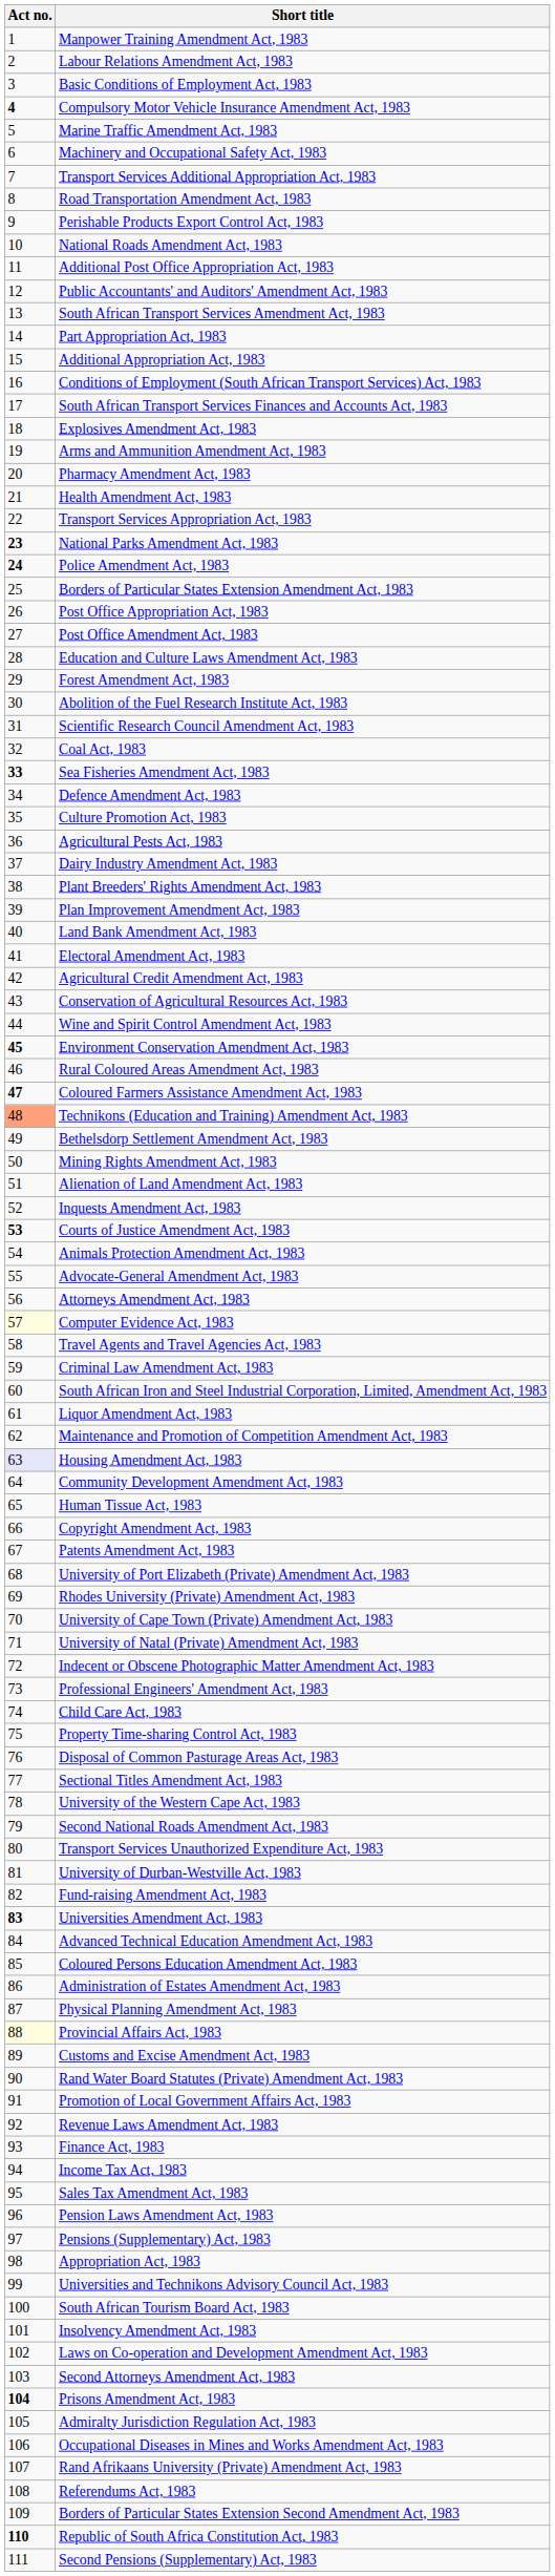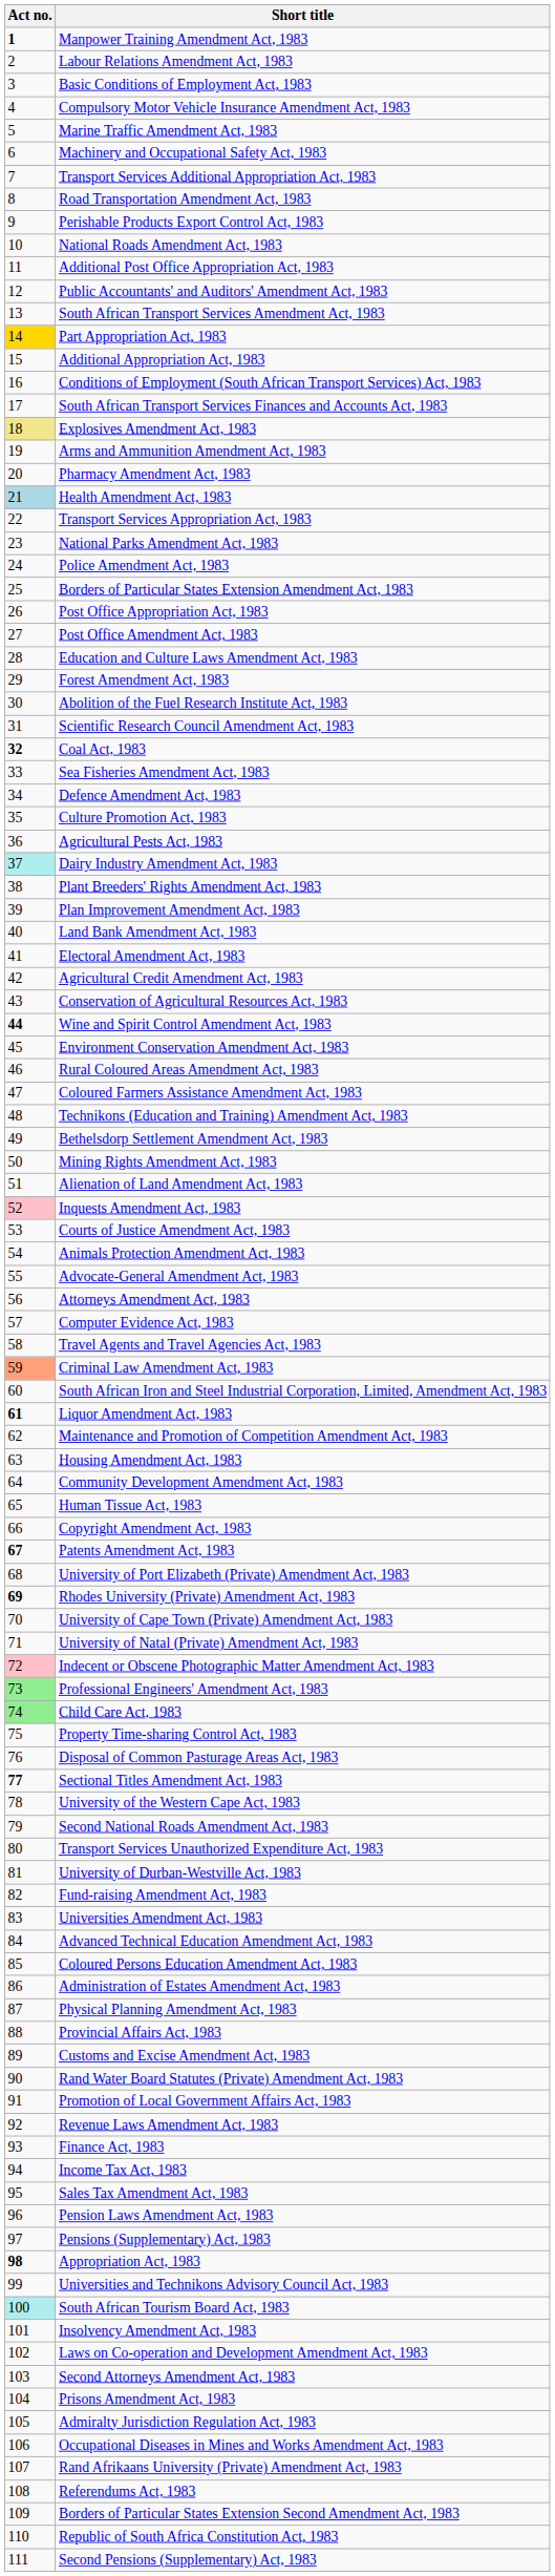 <table class="wikitable sortable">
 <tr>
 <th>Act no.</th>
 <th>Short title</th>
 </tr>
 <tr>
-<td>1</td>
+<td><strong>1</strong></td>
 <td><a href='#'>Manpower Training Amendment Act, 1983</a></td>
 </tr>
 <tr>
 <td>2</td>
 <td><a href='#'>Labour Relations Amendment Act, 1983</a></td>
 </tr>
 <tr>
 <td>3</td>
 <td><a href='#'>Basic Conditions of Employment Act, 1983</a></td>
 </tr>
 <tr>
-<td><strong>4</strong></td>
+<td>4</td>
 <td><a href='#'>Compulsory Motor Vehicle Insurance Amendment Act, 1983</a></td>
 </tr>
 <tr>
 <td>5</td>
 <td><a href='#'>Marine Traffic Amendment Act, 1983</a></td>
 </tr>
 <tr>
 <td>6</td>
 <td><a href='#'>Machinery and Occupational Safety Act, 1983</a></td>
 </tr>
 <tr>
 <td>7</td>
 <td><a href='#'>Transport Services Additional Appropriation Act, 1983</a></td>
 </tr>
 <tr>
 <td>8</td>
 <td><a href='#'>Road Transportation Amendment Act, 1983</a></td>
 </tr>
 <tr>
 <td>9</td>
 <td><a href='#'>Perishable Products Export Control Act, 1983</a></td>
 </tr>
 <tr>
 <td>10</td>
 <td><a href='#'>National Roads Amendment Act, 1983</a></td>
 </tr>
 <tr>
 <td>11</td>
 <td><a href='#'>Additional Post Office Appropriation Act, 1983</a></td>
 </tr>
 <tr>
 <td>12</td>
 <td><a href='#'>Public Accountants' and Auditors' Amendment Act, 1983</a></td>
 </tr>
 <tr>
 <td>13</td>
 <td><a href='#'>South African Transport Services Amendment Act, 1983</a></td>
 </tr>
 <tr>
-<td>14</td>
+<td style="background: gold;">14</td>
 <td><a href='#'>Part Appropriation Act, 1983</a></td>
 </tr>
 <tr>
 <td>15</td>
 <td><a href='#'>Additional Appropriation Act, 1983</a></td>
 </tr>
 <tr>
 <td>16</td>
 <td><a href='#'>Conditions of Employment (South African Transport Services) Act, 1983</a></td>
 </tr>
 <tr>
 <td>17</td>
 <td><a href='#'>South African Transport Services Finances and Accounts Act, 1983</a></td>
 </tr>
 <tr>
-<td>18</td>
+<td style="background: khaki;">18</td>
 <td><a href='#'>Explosives Amendment Act, 1983</a></td>
 </tr>
 <tr>
 <td>19</td>
 <td><a href='#'>Arms and Ammunition Amendment Act, 1983</a></td>
 </tr>
 <tr>
 <td>20</td>
 <td><a href='#'>Pharmacy Amendment Act, 1983</a></td>
 </tr>
 <tr>
-<td>21</td>
+<td style="background: lightblue;">21</td>
 <td><a href='#'>Health Amendment Act, 1983</a></td>
 </tr>
 <tr>
 <td>22</td>
 <td><a href='#'>Transport Services Appropriation Act, 1983</a></td>
 </tr>
 <tr>
-<td><strong>23</strong></td>
+<td>23</td>
 <td><a href='#'>National Parks Amendment Act, 1983</a></td>
 </tr>
 <tr>
-<td><strong>24</strong></td>
+<td>24</td>
 <td><a href='#'>Police Amendment Act, 1983</a></td>
 </tr>
 <tr>
 <td>25</td>
 <td><a href='#'>Borders of Particular States Extension Amendment Act, 1983</a></td>
 </tr>
 <tr>
 <td>26</td>
 <td><a href='#'>Post Office Appropriation Act, 1983</a></td>
 </tr>
 <tr>
 <td>27</td>
 <td><a href='#'>Post Office Amendment Act, 1983</a></td>
 </tr>
 <tr>
 <td>28</td>
 <td><a href='#'>Education and Culture Laws Amendment Act, 1983</a></td>
 </tr>
 <tr>
 <td>29</td>
 <td><a href='#'>Forest Amendment Act, 1983</a></td>
 </tr>
 <tr>
 <td>30</td>
 <td><a href='#'>Abolition of the Fuel Research Institute Act, 1983</a></td>
 </tr>
 <tr>
 <td>31</td>
 <td><a href='#'>Scientific Research Council Amendment Act, 1983</a></td>
 </tr>
 <tr>
-<td>32</td>
+<td><strong>32</strong></td>
 <td><a href='#'>Coal Act, 1983</a></td>
 </tr>
 <tr>
-<td><strong>33</strong></td>
+<td>33</td>
 <td><a href='#'>Sea Fisheries Amendment Act, 1983</a></td>
 </tr>
 <tr>
 <td>34</td>
 <td><a href='#'>Defence Amendment Act, 1983</a></td>
 </tr>
 <tr>
 <td>35</td>
 <td><a href='#'>Culture Promotion Act, 1983</a></td>
 </tr>
 <tr>
 <td>36</td>
 <td><a href='#'>Agricultural Pests Act, 1983</a></td>
 </tr>
 <tr>
-<td>37</td>
+<td style="background: paleturquoise;">37</td>
 <td><a href='#'>Dairy Industry Amendment Act, 1983</a></td>
 </tr>
 <tr>
 <td>38</td>
 <td><a href='#'>Plant Breeders' Rights Amendment Act, 1983</a></td>
 </tr>
 <tr>
 <td>39</td>
 <td><a href='#'>Plan Improvement Amendment Act, 1983</a></td>
 </tr>
 <tr>
 <td>40</td>
 <td><a href='#'>Land Bank Amendment Act, 1983</a></td>
 </tr>
 <tr>
 <td>41</td>
 <td><a href='#'>Electoral Amendment Act, 1983</a></td>
 </tr>
 <tr>
 <td>42</td>
 <td><a href='#'>Agricultural Credit Amendment Act, 1983</a></td>
 </tr>
 <tr>
 <td>43</td>
 <td><a href='#'>Conservation of Agricultural Resources Act, 1983</a></td>
 </tr>
 <tr>
-<td>44</td>
+<td><strong>44</strong></td>
 <td><a href='#'>Wine and Spirit Control Amendment Act, 1983</a></td>
 </tr>
 <tr>
-<td><strong>45</strong></td>
+<td>45</td>
 <td><a href='#'>Environment Conservation Amendment Act, 1983</a></td>
 </tr>
 <tr>
 <td>46</td>
 <td><a href='#'>Rural Coloured Areas Amendment Act, 1983</a></td>
 </tr>
 <tr>
-<td><strong>47</strong></td>
+<td>47</td>
 <td><a href='#'>Coloured Farmers Assistance Amendment Act, 1983</a></td>
 </tr>
 <tr>
-<td style="background: lightsalmon;">48</td>
+<td>48</td>
 <td><a href='#'>Technikons (Education and Training) Amendment Act, 1983</a></td>
 </tr>
 <tr>
 <td>49</td>
 <td><a href='#'>Bethelsdorp Settlement Amendment Act, 1983</a></td>
 </tr>
 <tr>
 <td>50</td>
 <td><a href='#'>Mining Rights Amendment Act, 1983</a></td>
 </tr>
 <tr>
 <td>51</td>
 <td><a href='#'>Alienation of Land Amendment Act, 1983</a></td>
 </tr>
 <tr>
-<td>52</td>
+<td style="background: pink;">52</td>
 <td><a href='#'>Inquests Amendment Act, 1983</a></td>
 </tr>
 <tr>
-<td><strong>53</strong></td>
+<td>53</td>
 <td><a href='#'>Courts of Justice Amendment Act, 1983</a></td>
 </tr>
 <tr>
 <td>54</td>
 <td><a href='#'>Animals Protection Amendment Act, 1983</a></td>
 </tr>
 <tr>
 <td>55</td>
 <td><a href='#'>Advocate-General Amendment Act, 1983</a></td>
 </tr>
 <tr>
 <td>56</td>
 <td><a href='#'>Attorneys Amendment Act, 1983</a></td>
 </tr>
 <tr>
-<td style="background: lightyellow;">57</td>
+<td>57</td>
 <td><a href='#'>Computer Evidence Act, 1983</a></td>
 </tr>
 <tr>
 <td>58</td>
 <td><a href='#'>Travel Agents and Travel Agencies Act, 1983</a></td>
 </tr>
 <tr>
-<td>59</td>
+<td style="background: lightsalmon;">59</td>
 <td><a href='#'>Criminal Law Amendment Act, 1983</a></td>
 </tr>
 <tr>
 <td>60</td>
 <td><a href='#'>South African Iron and Steel Industrial Corporation, Limited, Amendment Act, 1983</a></td>
 </tr>
 <tr>
-<td>61</td>
+<td><strong>61</strong></td>
 <td><a href='#'>Liquor Amendment Act, 1983</a></td>
 </tr>
 <tr>
 <td>62</td>
 <td><a href='#'>Maintenance and Promotion of Competition Amendment Act, 1983</a></td>
 </tr>
 <tr>
-<td style="background: lavender;">63</td>
+<td>63</td>
 <td><a href='#'>Housing Amendment Act, 1983</a></td>
 </tr>
 <tr>
 <td>64</td>
 <td><a href='#'>Community Development Amendment Act, 1983</a></td>
 </tr>
 <tr>
 <td>65</td>
 <td><a href='#'>Human Tissue Act, 1983</a></td>
 </tr>
 <tr>
 <td>66</td>
 <td><a href='#'>Copyright Amendment Act, 1983</a></td>
 </tr>
 <tr>
-<td>67</td>
+<td><strong>67</strong></td>
 <td><a href='#'>Patents Amendment Act, 1983</a></td>
 </tr>
 <tr>
 <td>68</td>
 <td><a href='#'>University of Port Elizabeth (Private) Amendment Act, 1983</a></td>
 </tr>
 <tr>
-<td>69</td>
+<td><strong>69</strong></td>
 <td><a href='#'>Rhodes University (Private) Amendment Act, 1983</a></td>
 </tr>
 <tr>
 <td>70</td>
 <td><a href='#'>University of Cape Town (Private) Amendment Act, 1983</a></td>
 </tr>
 <tr>
 <td>71</td>
 <td><a href='#'>University of Natal (Private) Amendment Act, 1983</a></td>
 </tr>
 <tr>
-<td>72</td>
+<td style="background: pink;">72</td>
 <td><a href='#'>Indecent or Obscene Photographic Matter Amendment Act, 1983</a></td>
 </tr>
 <tr>
-<td>73</td>
+<td style="background: lightgreen;">73</td>
 <td><a href='#'>Professional Engineers' Amendment Act, 1983</a></td>
 </tr>
 <tr>
-<td>74</td>
+<td style="background: lightgreen;">74</td>
 <td><a href='#'>Child Care Act, 1983</a></td>
 </tr>
 <tr>
 <td>75</td>
 <td><a href='#'>Property Time-sharing Control Act, 1983</a></td>
 </tr>
 <tr>
 <td>76</td>
 <td><a href='#'>Disposal of Common Pasturage Areas Act, 1983</a></td>
 </tr>
 <tr>
-<td>77</td>
+<td><strong>77</strong></td>
 <td><a href='#'>Sectional Titles Amendment Act, 1983</a></td>
 </tr>
 <tr>
 <td>78</td>
 <td><a href='#'>University of the Western Cape Act, 1983</a></td>
 </tr>
 <tr>
 <td>79</td>
 <td><a href='#'>Second National Roads Amendment Act, 1983</a></td>
 </tr>
 <tr>
 <td>80</td>
 <td><a href='#'>Transport Services Unauthorized Expenditure Act, 1983</a></td>
 </tr>
 <tr>
 <td>81</td>
 <td><a href='#'>University of Durban-Westville Act, 1983</a></td>
 </tr>
 <tr>
 <td>82</td>
 <td><a href='#'>Fund-raising Amendment Act, 1983</a></td>
 </tr>
 <tr>
-<td><strong>83</strong></td>
+<td>83</td>
 <td><a href='#'>Universities Amendment Act, 1983</a></td>
 </tr>
 <tr>
 <td>84</td>
 <td><a href='#'>Advanced Technical Education Amendment Act, 1983</a></td>
 </tr>
 <tr>
 <td>85</td>
 <td><a href='#'>Coloured Persons Education Amendment Act, 1983</a></td>
 </tr>
 <tr>
 <td>86</td>
 <td><a href='#'>Administration of Estates Amendment Act, 1983</a></td>
 </tr>
 <tr>
 <td>87</td>
 <td><a href='#'>Physical Planning Amendment Act, 1983</a></td>
 </tr>
 <tr>
-<td style="background: lightyellow;">88</td>
+<td>88</td>
 <td><a href='#'>Provincial Affairs Act, 1983</a></td>
 </tr>
 <tr>
 <td>89</td>
 <td><a href='#'>Customs and Excise Amendment Act, 1983</a></td>
 </tr>
 <tr>
 <td>90</td>
 <td><a href='#'>Rand Water Board Statutes (Private) Amendment Act, 1983</a></td>
 </tr>
 <tr>
 <td>91</td>
 <td><a href='#'>Promotion of Local Government Affairs Act, 1983</a></td>
 </tr>
 <tr>
 <td>92</td>
 <td><a href='#'>Revenue Laws Amendment Act, 1983</a></td>
 </tr>
 <tr>
 <td>93</td>
 <td><a href='#'>Finance Act, 1983</a></td>
 </tr>
 <tr>
 <td>94</td>
 <td><a href='#'>Income Tax Act, 1983</a></td>
 </tr>
 <tr>
 <td>95</td>
 <td><a href='#'>Sales Tax Amendment Act, 1983</a></td>
 </tr>
 <tr>
 <td>96</td>
 <td><a href='#'>Pension Laws Amendment Act, 1983</a></td>
 </tr>
 <tr>
 <td>97</td>
 <td><a href='#'>Pensions (Supplementary) Act, 1983</a></td>
 </tr>
 <tr>
-<td>98</td>
+<td><strong>98</strong></td>
 <td><a href='#'>Appropriation Act, 1983</a></td>
 </tr>
 <tr>
 <td>99</td>
 <td><a href='#'>Universities and Technikons Advisory Council Act, 1983</a></td>
 </tr>
 <tr>
-<td>100</td>
+<td style="background: paleturquoise;">100</td>
 <td><a href='#'>South African Tourism Board Act, 1983</a></td>
 </tr>
 <tr>
 <td>101</td>
 <td><a href='#'>Insolvency Amendment Act, 1983</a></td>
 </tr>
 <tr>
 <td>102</td>
 <td><a href='#'>Laws on Co-operation and Development Amendment Act, 1983</a></td>
 </tr>
 <tr>
 <td>103</td>
 <td><a href='#'>Second Attorneys Amendment Act, 1983</a></td>
 </tr>
 <tr>
-<td><strong>104</strong></td>
+<td>104</td>
 <td><a href='#'>Prisons Amendment Act, 1983</a></td>
 </tr>
 <tr>
 <td>105</td>
 <td><a href='#'>Admiralty Jurisdiction Regulation Act, 1983</a></td>
 </tr>
 <tr>
 <td>106</td>
 <td><a href='#'>Occupational Diseases in Mines and Works Amendment Act, 1983</a></td>
 </tr>
 <tr>
 <td>107</td>
 <td><a href='#'>Rand Afrikaans University (Private) Amendment Act, 1983</a></td>
 </tr>
 <tr>
 <td>108</td>
 <td><a href='#'>Referendums Act, 1983</a></td>
 </tr>
 <tr>
 <td>109</td>
 <td><a href='#'>Borders of Particular States Extension Second Amendment Act, 1983</a></td>
 </tr>
 <tr>
-<td><strong>110</strong></td>
+<td>110</td>
 <td><a href='#'>Republic of South Africa Constitution Act, 1983</a></td>
 </tr>
 <tr>
 <td>111</td>
 <td><a href='#'>Second Pensions (Supplementary) Act, 1983</a></td>
 </tr>
 </table>
